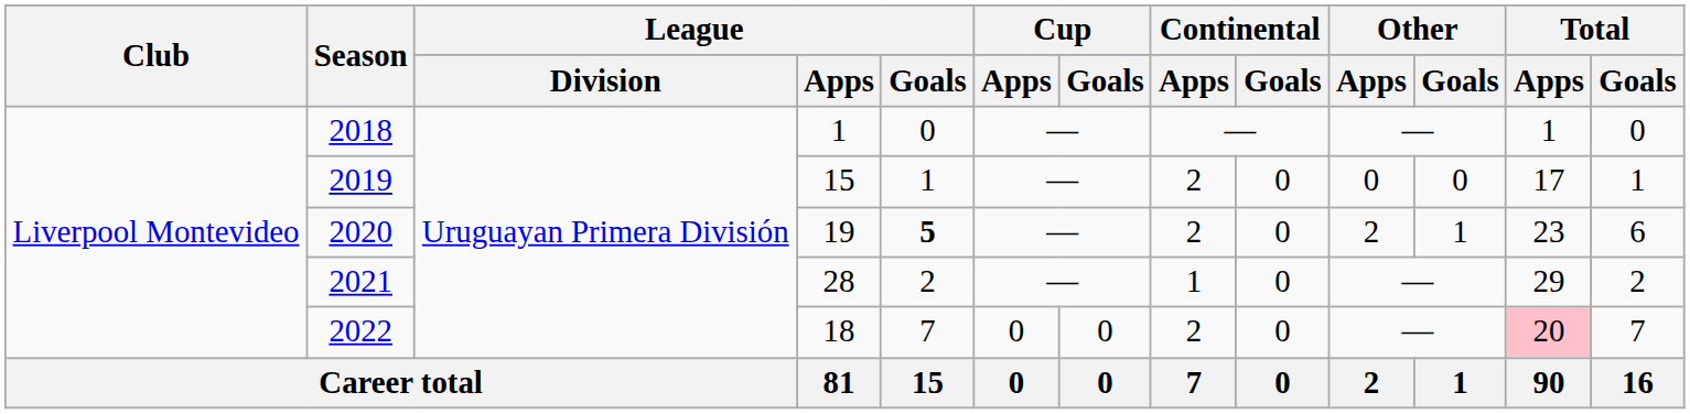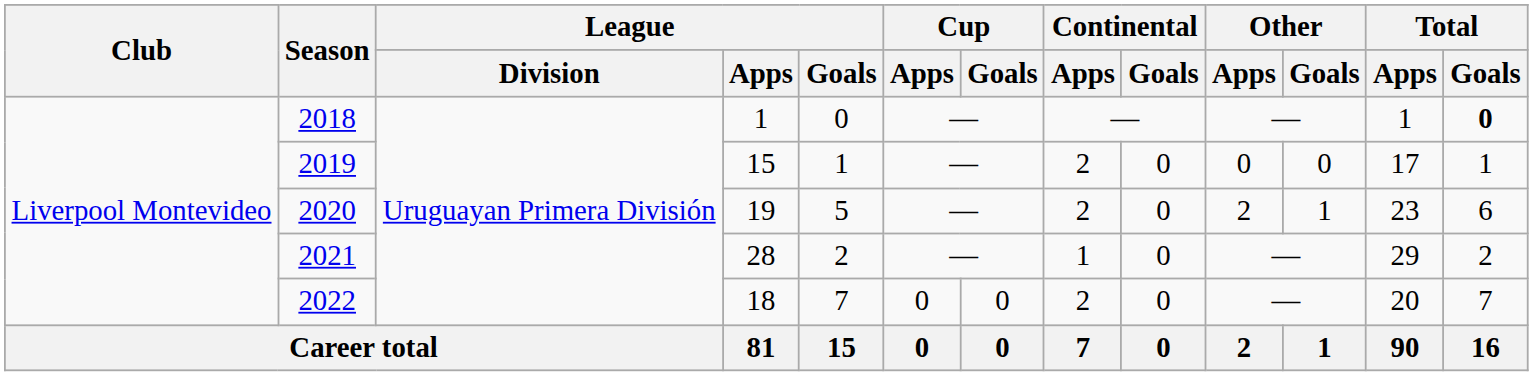 <table class="wikitable" Style="text-align: center">
 <tr>
 <th rowspan="2">Club</th>
 <th rowspan="2">Season</th>
 <th colspan="3">League</th>
 <th colspan="2">Cup</th>
 <th colspan="2">Continental</th>
 <th colspan="2">Other</th>
 <th colspan="2">Total</th>
 </tr>
 <tr>
 <th>Division</th>
 <th>Apps</th>
 <th>Goals</th>
 <th>Apps</th>
 <th>Goals</th>
 <th>Apps</th>
 <th>Goals</th>
 <th>Apps</th>
 <th>Goals</th>
 <th>Apps</th>
 <th>Goals</th>
 </tr>
 <tr>
 <td rowspan="5"><a href='#'>Liverpool Montevideo</a></td>
 <td><a href='#'>2018</a></td>
 <td rowspan="5"><a href='#'>Uruguayan Primera División</a></td>
 <td>1</td>
 <td>0</td>
 <td colspan="2">—</td>
 <td colspan="2">—</td>
 <td colspan="2">—</td>
 <td>1</td>
-<td>0</td>
+<td><strong>0</strong></td>
 </tr>
 <tr>
 <td><a href='#'>2019</a></td>
 <td>15</td>
 <td>1</td>
 <td colspan="2">—</td>
 <td>2</td>
 <td>0</td>
 <td>0</td>
 <td>0</td>
 <td>17</td>
 <td>1</td>
 </tr>
 <tr>
 <td><a href='#'>2020</a></td>
 <td>19</td>
-<td><strong>5</strong></td>
+<td>5</td>
 <td colspan="2">—</td>
 <td>2</td>
 <td>0</td>
 <td>2</td>
 <td>1</td>
 <td>23</td>
 <td>6</td>
 </tr>
 <tr>
 <td><a href='#'>2021</a></td>
 <td>28</td>
 <td>2</td>
 <td colspan="2">—</td>
 <td>1</td>
 <td>0</td>
 <td colspan="2">—</td>
 <td>29</td>
 <td>2</td>
 </tr>
 <tr>
 <td><a href='#'>2022</a></td>
 <td>18</td>
 <td>7</td>
 <td>0</td>
 <td>0</td>
 <td>2</td>
 <td>0</td>
 <td colspan="2">—</td>
-<td style="background: pink;">20</td>
+<td>20</td>
 <td>7</td>
 </tr>
 <tr>
 <th colspan="3">Career total</th>
 <th>81</th>
 <th>15</th>
 <th>0</th>
 <th>0</th>
 <th>7</th>
 <th>0</th>
 <th>2</th>
 <th>1</th>
 <th>90</th>
 <th>16</th>
 </tr>
 </table>
